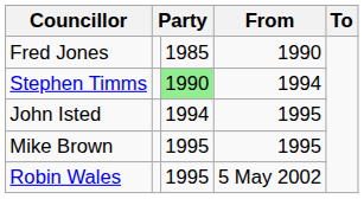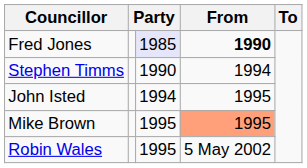 <table class=wikitable>
 <tr>
 <th>Councillor</th>
 <th colspan=2>Party</th>
 <th>From</th>
 <th>To</th>
 </tr>
 <tr>
 <td>Fred Jones</td>
 <td></td>
-<td align=right>1985</td>
-<td align=right>1990</td>
+<td align=right style="background: lavender;">1985</td>
+<td align=right><strong>1990</strong></td>
 </tr>
 <tr>
 <td><a href='#'>Stephen Timms</a></td>
 <td></td>
-<td align=right style="background: lightgreen;">1990</td>
+<td align=right>1990</td>
 <td align=right>1994</td>
 </tr>
 <tr>
 <td>John Isted</td>
 <td></td>
 <td align=right>1994</td>
 <td align=right>1995</td>
 </tr>
 <tr>
 <td>Mike Brown</td>
 <td></td>
 <td align=right>1995</td>
-<td align=right>1995</td>
+<td align=right style="background: lightsalmon;">1995</td>
 </tr>
 <tr>
 <td><a href='#'>Robin Wales</a></td>
 <td></td>
 <td align=right>1995</td>
 <td align=right>5 May 2002</td>
 </tr>
 </table>
